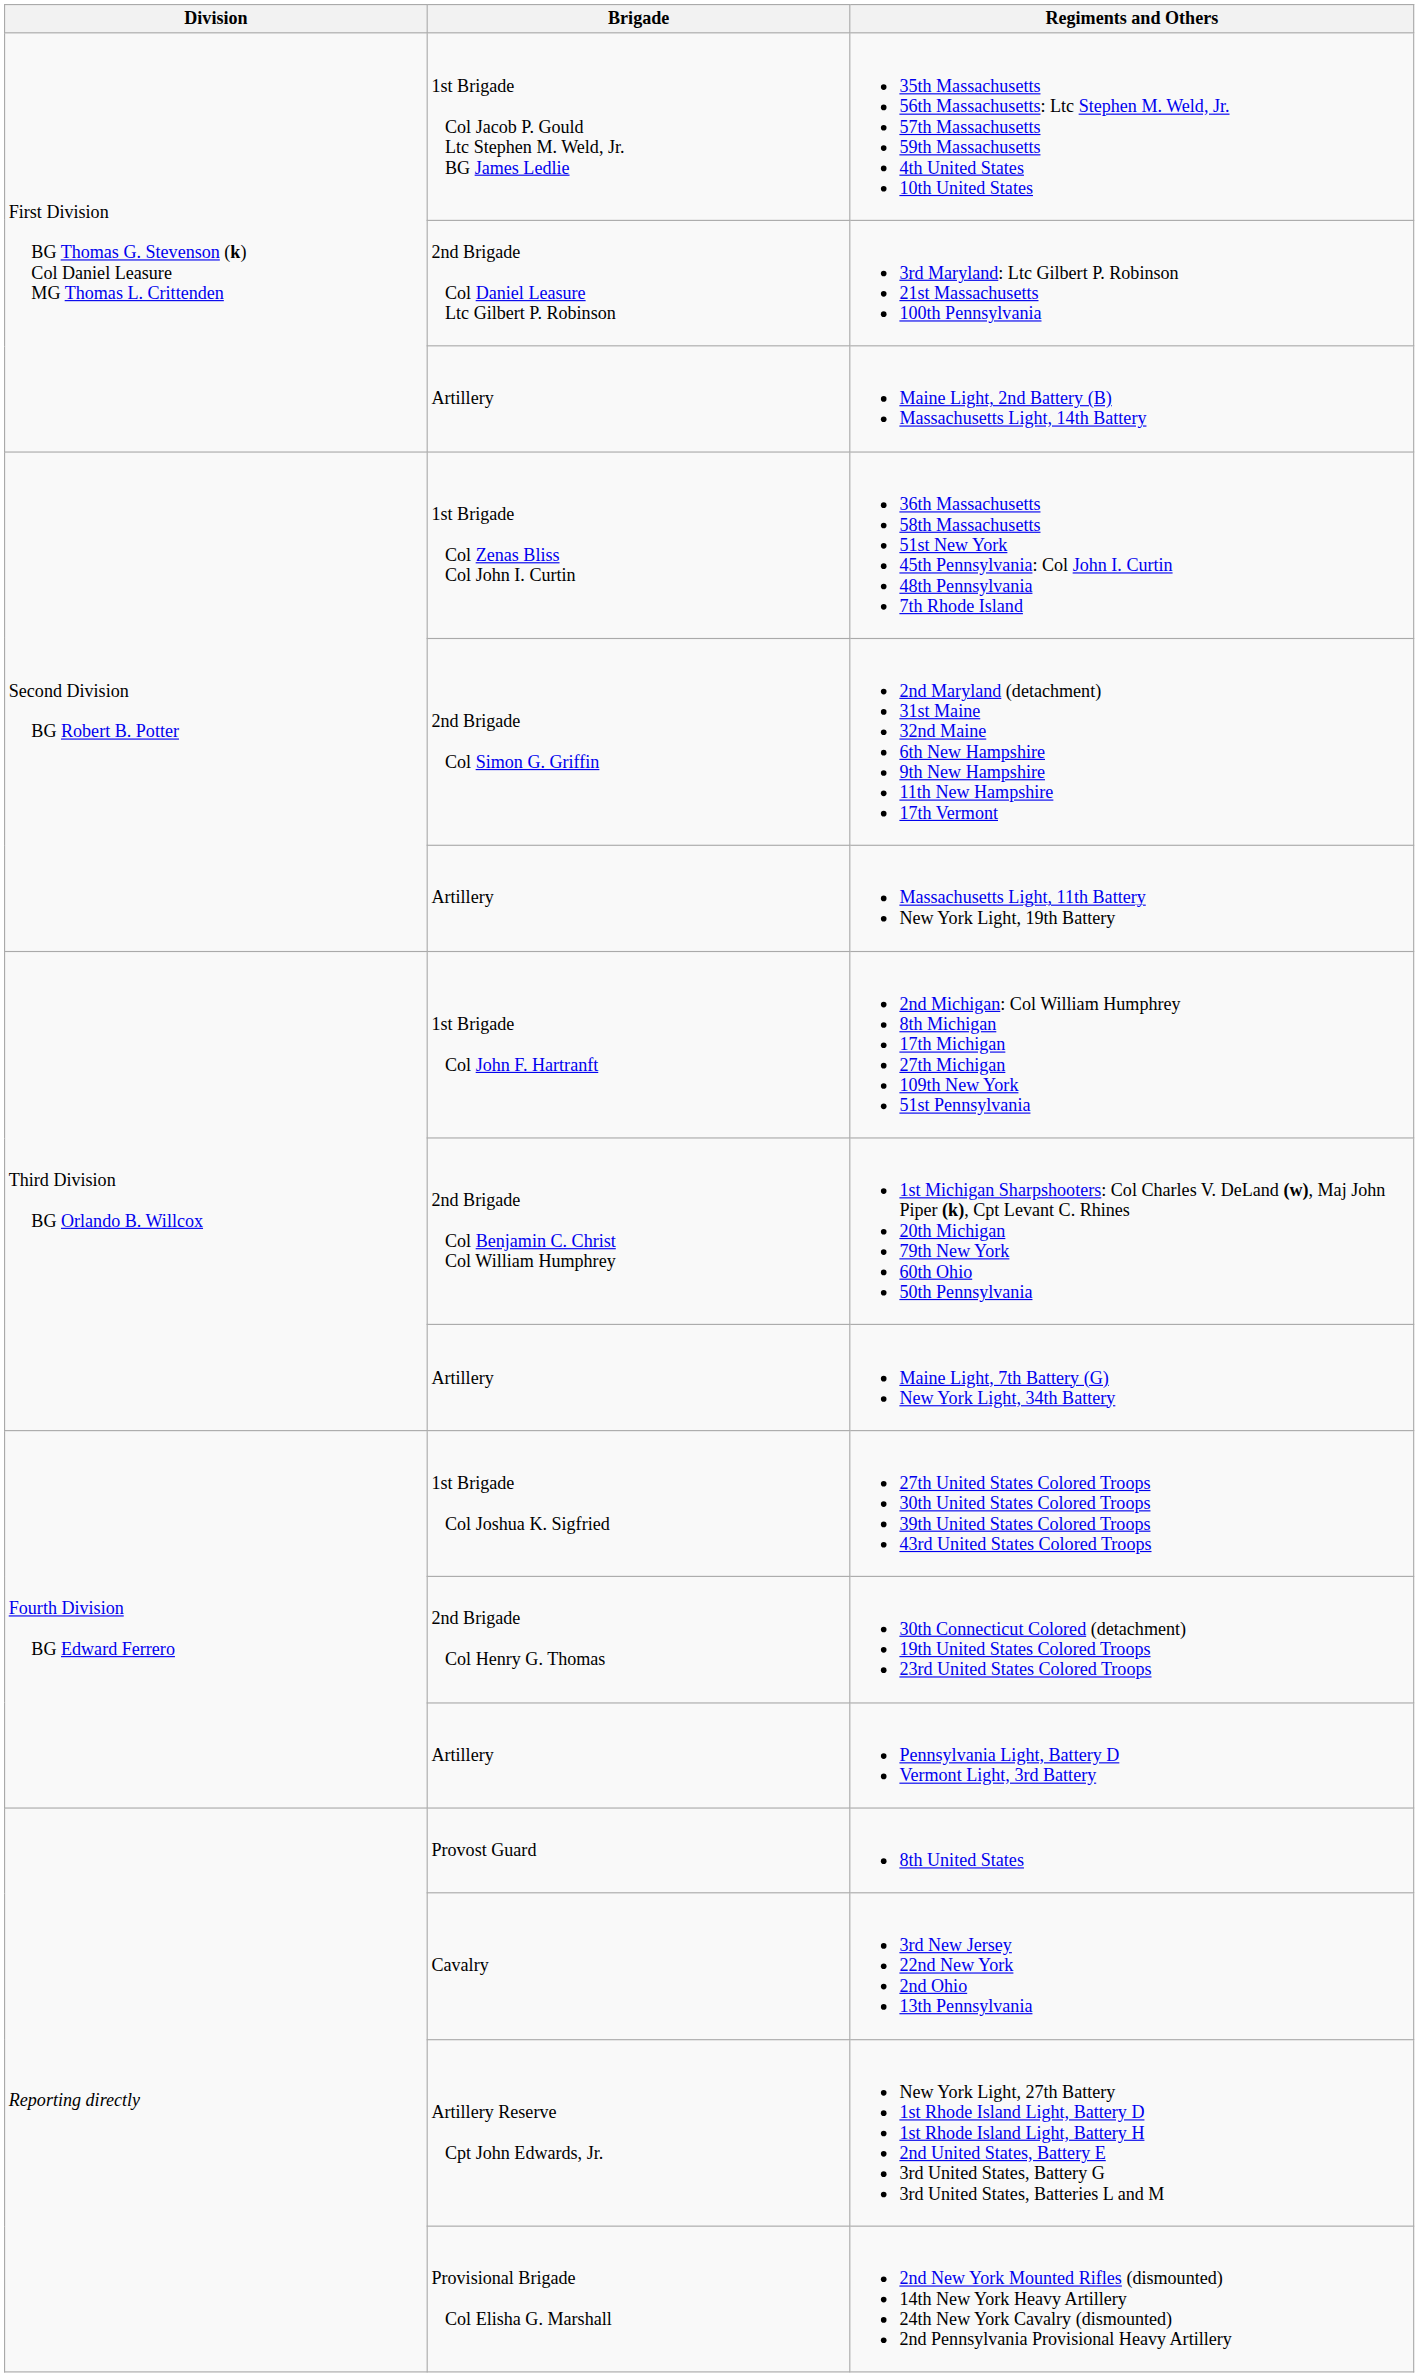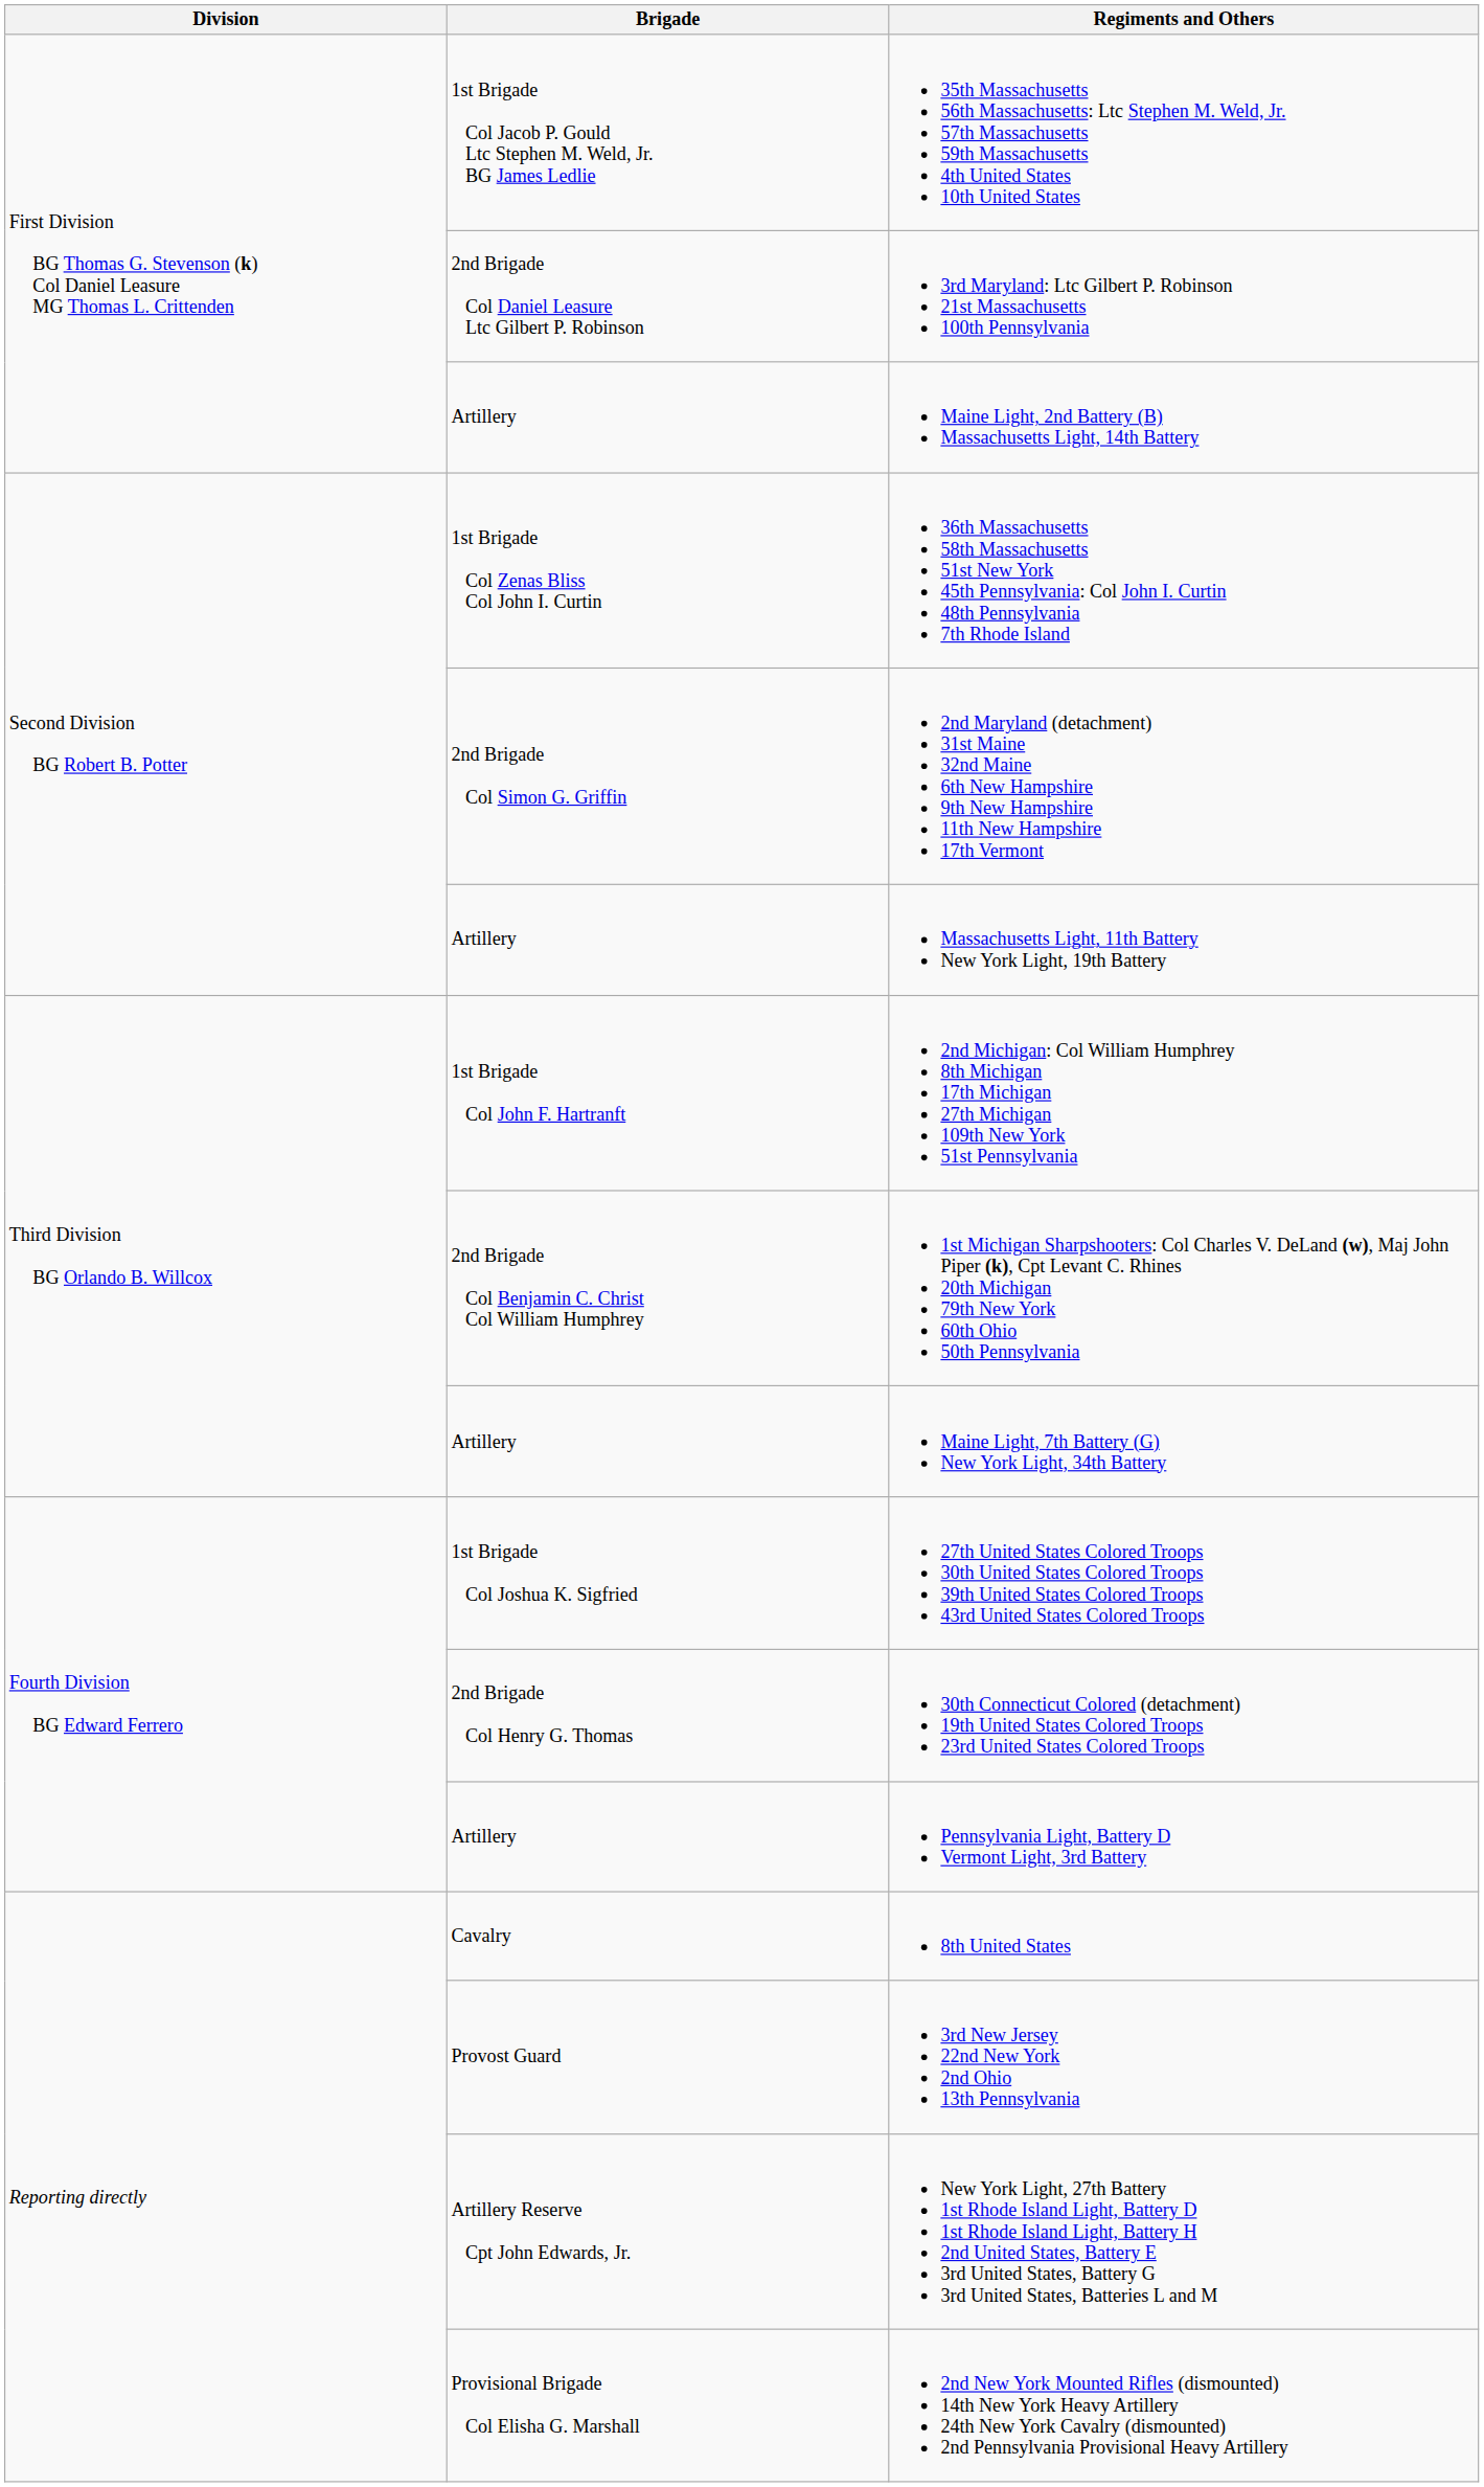 <table class="wikitable">
 <tr>
 <th width=30%>Division</th>
 <th width=30%>Brigade</th>
 <th>Regiments and Others</th>
 </tr>
 <tr>
 <td rowspan=3><br>First Division<br> <br>     BG <a href='#'>Thomas G. Stevenson</a> (<strong>k</strong>) <br>     Col Daniel Leasure <br>     MG <a href='#'>Thomas L. Crittenden</a></td>
 <td>1st Brigade<br><br>   Col Jacob P. Gould <br>   Ltc Stephen M. Weld, Jr. <br>   BG <a href='#'>James Ledlie</a></td>
 <td><br><ul><li><a href='#'>35th Massachusetts</a></li><li><a href='#'>56th Massachusetts</a>: Ltc <a href='#'>Stephen M. Weld, Jr.</a></li><li><a href='#'>57th Massachusetts</a></li><li><a href='#'>59th Massachusetts</a></li><li><a href='#'>4th United States</a></li><li><a href='#'>10th United States</a></li></ul></td>
 </tr>
 <tr>
 <td>2nd Brigade<br><br>   Col <a href='#'>Daniel Leasure</a> <br>   Ltc Gilbert P. Robinson</td>
 <td><br><ul><li><a href='#'>3rd Maryland</a>: Ltc Gilbert P. Robinson</li><li><a href='#'>21st Massachusetts</a></li><li><a href='#'>100th Pennsylvania</a></li></ul></td>
 </tr>
 <tr>
 <td>Artillery</td>
 <td><br><ul><li><a href='#'>Maine Light, 2nd Battery (B)</a></li><li><a href='#'>Massachusetts Light, 14th Battery</a></li></ul></td>
 </tr>
 <tr>
 <td rowspan= 3><br>Second Division<br> <br>     BG <a href='#'>Robert B. Potter</a></td>
 <td>1st Brigade<br><br>   Col <a href='#'>Zenas Bliss</a> <br>   Col John I. Curtin</td>
 <td><br><ul><li><a href='#'>36th Massachusetts</a></li><li><a href='#'>58th Massachusetts</a></li><li><a href='#'>51st New York</a></li><li><a href='#'>45th Pennsylvania</a>: Col <a href='#'>John I. Curtin</a></li><li><a href='#'>48th Pennsylvania</a></li><li><a href='#'>7th Rhode Island</a></li></ul></td>
 </tr>
 <tr>
 <td>2nd Brigade<br><br>   Col <a href='#'>Simon G. Griffin</a></td>
 <td><br><ul><li><a href='#'>2nd Maryland</a> (detachment)</li><li><a href='#'>31st Maine</a></li><li><a href='#'>32nd Maine</a></li><li><a href='#'>6th New Hampshire</a></li><li><a href='#'>9th New Hampshire</a></li><li><a href='#'>11th New Hampshire</a></li><li><a href='#'>17th Vermont</a></li></ul></td>
 </tr>
 <tr>
 <td>Artillery</td>
 <td><br><ul><li><a href='#'>Massachusetts Light, 11th Battery</a></li><li>New York Light, 19th Battery</li></ul></td>
 </tr>
 <tr>
 <td rowspan=3><br>Third Division<br> <br>     BG <a href='#'>Orlando B. Willcox</a></td>
 <td>1st Brigade<br><br>   Col <a href='#'>John F. Hartranft</a></td>
 <td><br><ul><li><a href='#'>2nd Michigan</a>: Col William Humphrey</li><li><a href='#'>8th Michigan</a></li><li><a href='#'>17th Michigan</a></li><li><a href='#'>27th Michigan</a></li><li><a href='#'>109th New York</a></li><li><a href='#'>51st Pennsylvania</a></li></ul></td>
 </tr>
 <tr>
 <td>2nd Brigade<br><br>   Col <a href='#'>Benjamin C. Christ</a> <br>   Col William Humphrey</td>
 <td><br><ul><li><a href='#'>1st Michigan Sharpshooters</a>: Col Charles V. DeLand <strong>(w)</strong>, Maj John Piper <strong>(k)</strong>, Cpt Levant C. Rhines</li><li><a href='#'>20th Michigan</a></li><li><a href='#'>79th New York</a></li><li><a href='#'>60th Ohio</a></li><li><a href='#'>50th Pennsylvania</a></li></ul></td>
 </tr>
 <tr>
 <td>Artillery</td>
 <td><br><ul><li><a href='#'>Maine Light, 7th Battery (G)</a></li><li><a href='#'>New York Light, 34th Battery</a></li></ul></td>
 </tr>
 <tr>
 <td rowspan=3><br><a href='#'>Fourth Division</a><br> <br>     BG <a href='#'>Edward Ferrero</a></td>
 <td>1st Brigade<br><br>   Col Joshua K. Sigfried</td>
 <td><br><ul><li><a href='#'>27th United States Colored Troops</a></li><li><a href='#'>30th United States Colored Troops</a></li><li><a href='#'>39th United States Colored Troops</a></li><li><a href='#'>43rd United States Colored Troops</a></li></ul></td>
 </tr>
 <tr>
 <td>2nd Brigade<br><br>   Col Henry G. Thomas</td>
 <td><br><ul><li><a href='#'>30th Connecticut Colored</a> (detachment)</li><li><a href='#'>19th United States Colored Troops</a></li><li><a href='#'>23rd United States Colored Troops</a></li></ul></td>
 </tr>
 <tr>
 <td>Artillery</td>
 <td><br><ul><li><a href='#'>Pennsylvania Light, Battery D</a></li><li><a href='#'>Vermont Light, 3rd Battery</a></li></ul></td>
 </tr>
 <tr>
 <td rowspan=4><br><em>Reporting directly</em></td>
-<td>Provost Guard</td>
+<td>Cavalry</td>
 <td><br><ul><li><a href='#'>8th United States</a></li></ul></td>
 </tr>
 <tr>
-<td>Cavalry</td>
+<td>Provost Guard</td>
 <td><br><ul><li><a href='#'>3rd New Jersey</a></li><li><a href='#'>22nd New York</a></li><li><a href='#'>2nd Ohio</a></li><li><a href='#'>13th Pennsylvania</a></li></ul></td>
 </tr>
 <tr>
 <td>Artillery Reserve<br><br>   Cpt John Edwards, Jr.</td>
 <td><br><ul><li>New York Light, 27th Battery</li><li><a href='#'>1st Rhode Island Light, Battery D</a></li><li><a href='#'>1st Rhode Island Light, Battery H</a></li><li><a href='#'>2nd United States, Battery E</a></li><li>3rd United States, Battery G</li><li>3rd United States, Batteries L and M</li></ul></td>
 </tr>
 <tr>
 <td>Provisional Brigade<br><br>   Col Elisha G. Marshall</td>
 <td><br><ul><li><a href='#'>2nd New York Mounted Rifles</a> (dismounted)</li><li>14th New York Heavy Artillery</li><li>24th New York Cavalry (dismounted)</li><li>2nd Pennsylvania Provisional Heavy Artillery</li></ul></td>
 </tr>
 </table>
